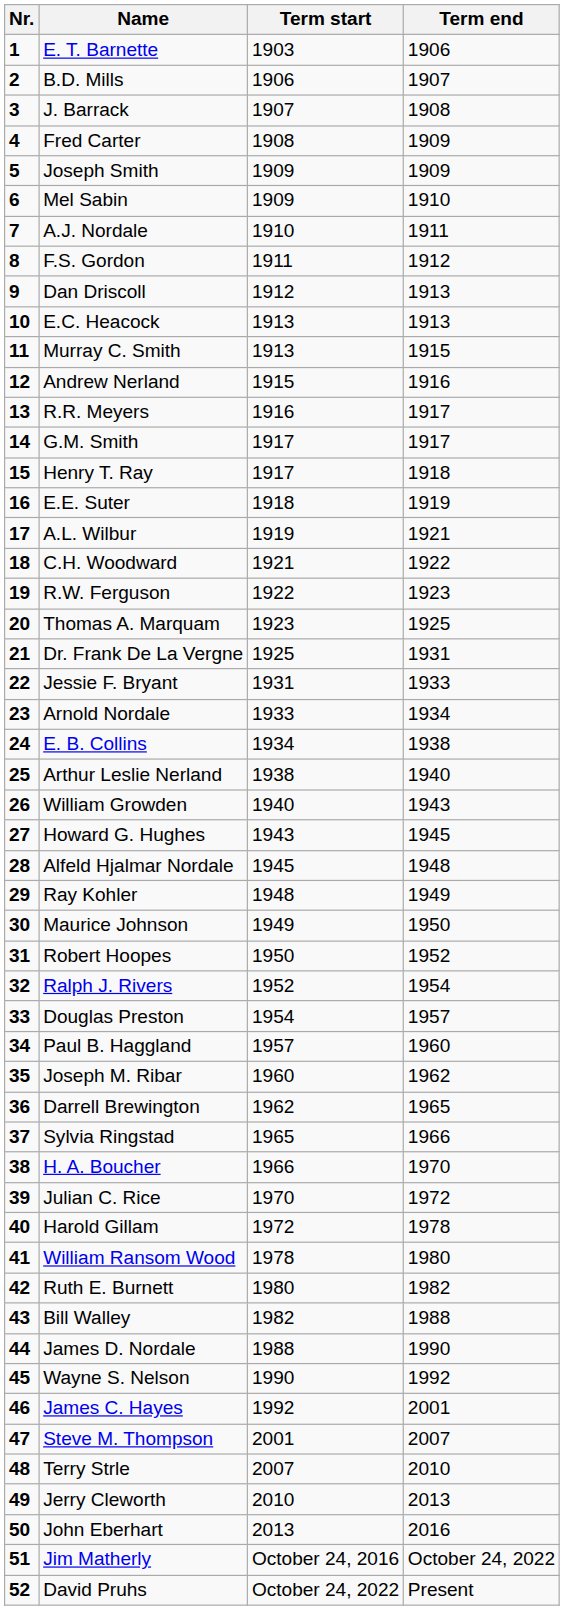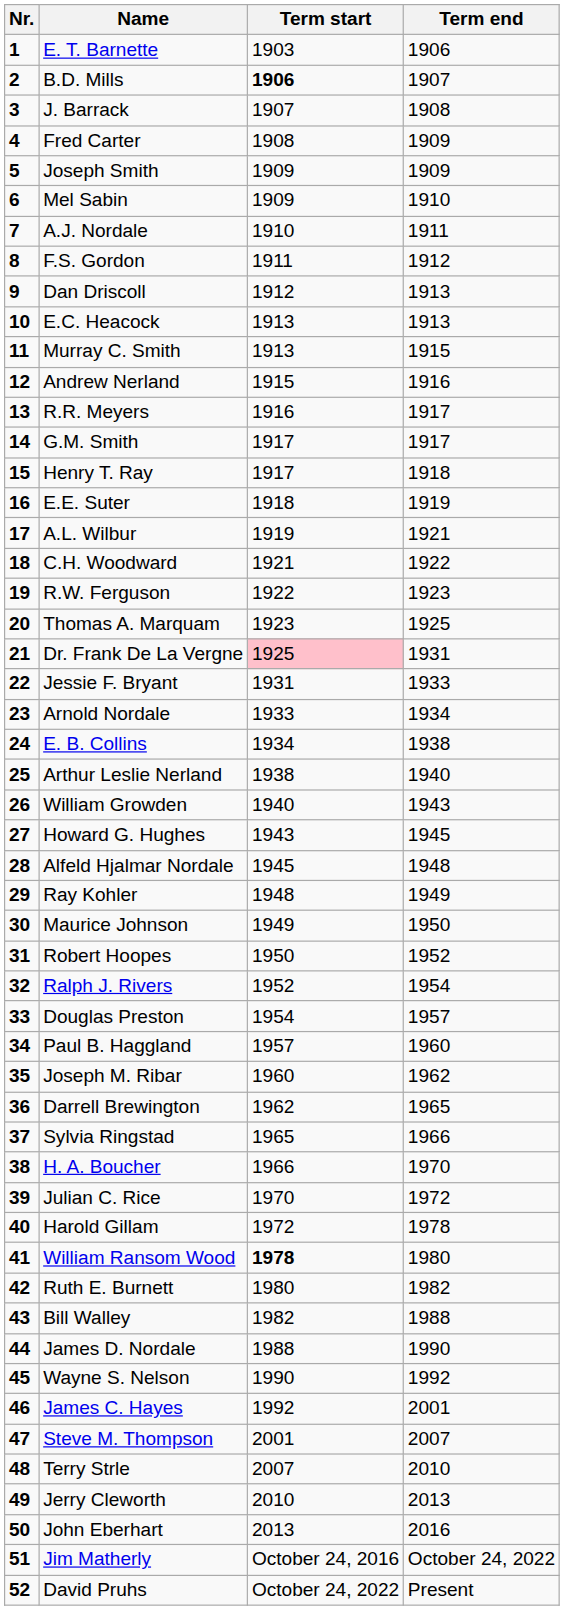 <table class="wikitable">
 <tr>
 <th>Nr.</th>
 <th>Name</th>
 <th>Term start</th>
 <th>Term end</th>
 </tr>
 <tr>
 <td><strong>1</strong></td>
 <td><a href='#'>E. T. Barnette</a></td>
 <td>1903</td>
 <td>1906</td>
 </tr>
 <tr>
 <td><strong>2</strong></td>
 <td>B.D. Mills</td>
-<td>1906</td>
+<td><strong>1906</strong></td>
 <td>1907</td>
 </tr>
 <tr>
 <td><strong>3</strong></td>
 <td>J. Barrack</td>
 <td>1907</td>
 <td>1908</td>
 </tr>
 <tr>
 <td><strong>4</strong></td>
 <td>Fred Carter</td>
 <td>1908</td>
 <td>1909</td>
 </tr>
 <tr>
 <td><strong>5</strong></td>
 <td>Joseph Smith</td>
 <td>1909</td>
 <td>1909</td>
 </tr>
 <tr>
 <td><strong>6</strong></td>
 <td>Mel Sabin</td>
 <td>1909</td>
 <td>1910</td>
 </tr>
 <tr>
 <td><strong>7</strong></td>
 <td>A.J. Nordale</td>
 <td>1910</td>
 <td>1911</td>
 </tr>
 <tr>
 <td><strong>8</strong></td>
 <td>F.S. Gordon</td>
 <td>1911</td>
 <td>1912</td>
 </tr>
 <tr>
 <td><strong>9</strong></td>
 <td>Dan Driscoll</td>
 <td>1912</td>
 <td>1913</td>
 </tr>
 <tr>
 <td><strong>10</strong></td>
 <td>E.C. Heacock</td>
 <td>1913</td>
 <td>1913</td>
 </tr>
 <tr>
 <td><strong>11</strong></td>
 <td>Murray C. Smith</td>
 <td>1913</td>
 <td>1915</td>
 </tr>
 <tr>
 <td><strong>12</strong></td>
 <td>Andrew Nerland</td>
 <td>1915</td>
 <td>1916</td>
 </tr>
 <tr>
 <td><strong>13</strong></td>
 <td>R.R. Meyers</td>
 <td>1916</td>
 <td>1917</td>
 </tr>
 <tr>
 <td><strong>14</strong></td>
 <td>G.M. Smith</td>
 <td>1917</td>
 <td>1917</td>
 </tr>
 <tr>
 <td><strong>15</strong></td>
 <td>Henry T. Ray</td>
 <td>1917</td>
 <td>1918</td>
 </tr>
 <tr>
 <td><strong>16</strong></td>
 <td>E.E. Suter</td>
 <td>1918</td>
 <td>1919</td>
 </tr>
 <tr>
 <td><strong>17</strong></td>
 <td>A.L. Wilbur</td>
 <td>1919</td>
 <td>1921</td>
 </tr>
 <tr>
 <td><strong>18</strong></td>
 <td>C.H. Woodward</td>
 <td>1921</td>
 <td>1922</td>
 </tr>
 <tr>
 <td><strong>19</strong></td>
 <td>R.W. Ferguson</td>
 <td>1922</td>
 <td>1923</td>
 </tr>
 <tr>
 <td><strong>20</strong></td>
 <td>Thomas A. Marquam</td>
 <td>1923</td>
 <td>1925</td>
 </tr>
 <tr>
 <td><strong>21</strong></td>
 <td>Dr. Frank De La Vergne</td>
-<td>1925</td>
+<td style="background: pink;">1925</td>
 <td>1931</td>
 </tr>
 <tr>
 <td><strong>22</strong></td>
 <td>Jessie F. Bryant</td>
 <td>1931</td>
 <td>1933</td>
 </tr>
 <tr>
 <td><strong>23</strong></td>
 <td>Arnold Nordale</td>
 <td>1933</td>
 <td>1934</td>
 </tr>
 <tr>
 <td><strong>24</strong></td>
 <td><a href='#'>E. B. Collins</a></td>
 <td>1934</td>
 <td>1938</td>
 </tr>
 <tr>
 <td><strong>25</strong></td>
 <td>Arthur Leslie Nerland</td>
 <td>1938</td>
 <td>1940</td>
 </tr>
 <tr>
 <td><strong>26</strong></td>
 <td>William Growden</td>
 <td>1940</td>
 <td>1943</td>
 </tr>
 <tr>
 <td><strong>27</strong></td>
 <td>Howard G. Hughes</td>
 <td>1943</td>
 <td>1945</td>
 </tr>
 <tr>
 <td><strong>28</strong></td>
 <td>Alfeld Hjalmar Nordale</td>
 <td>1945</td>
 <td>1948</td>
 </tr>
 <tr>
 <td><strong>29</strong></td>
 <td>Ray Kohler</td>
 <td>1948</td>
 <td>1949</td>
 </tr>
 <tr>
 <td><strong>30</strong></td>
 <td>Maurice Johnson</td>
 <td>1949</td>
 <td>1950</td>
 </tr>
 <tr>
 <td><strong>31</strong></td>
 <td>Robert Hoopes</td>
 <td>1950</td>
 <td>1952</td>
 </tr>
 <tr>
 <td><strong>32</strong></td>
 <td><a href='#'>Ralph J. Rivers</a></td>
 <td>1952</td>
 <td>1954</td>
 </tr>
 <tr>
 <td><strong>33</strong></td>
 <td>Douglas Preston</td>
 <td>1954</td>
 <td>1957</td>
 </tr>
 <tr>
 <td><strong>34</strong></td>
 <td>Paul B. Haggland</td>
 <td>1957</td>
 <td>1960</td>
 </tr>
 <tr>
 <td><strong>35</strong></td>
 <td>Joseph M. Ribar</td>
 <td>1960</td>
 <td>1962</td>
 </tr>
 <tr>
 <td><strong>36</strong></td>
 <td>Darrell Brewington</td>
 <td>1962</td>
 <td>1965</td>
 </tr>
 <tr>
 <td><strong>37</strong></td>
 <td>Sylvia Ringstad</td>
 <td>1965</td>
 <td>1966</td>
 </tr>
 <tr>
 <td><strong>38</strong></td>
 <td><a href='#'>H. A. Boucher</a></td>
 <td>1966</td>
 <td>1970</td>
 </tr>
 <tr>
 <td><strong>39</strong></td>
 <td>Julian C. Rice</td>
 <td>1970</td>
 <td>1972</td>
 </tr>
 <tr>
 <td><strong>40</strong></td>
 <td>Harold Gillam</td>
 <td>1972</td>
 <td>1978</td>
 </tr>
 <tr>
 <td><strong>41</strong></td>
 <td><a href='#'>William Ransom Wood</a></td>
-<td>1978</td>
+<td><strong>1978</strong></td>
 <td>1980</td>
 </tr>
 <tr>
 <td><strong>42</strong></td>
 <td>Ruth E. Burnett</td>
 <td>1980</td>
 <td>1982</td>
 </tr>
 <tr>
 <td><strong>43</strong></td>
 <td>Bill Walley</td>
 <td>1982</td>
 <td>1988</td>
 </tr>
 <tr>
 <td><strong>44</strong></td>
 <td>James D. Nordale</td>
 <td>1988</td>
 <td>1990</td>
 </tr>
 <tr>
 <td><strong>45</strong></td>
 <td>Wayne S. Nelson</td>
 <td>1990</td>
 <td>1992</td>
 </tr>
 <tr>
 <td><strong>46</strong></td>
 <td><a href='#'>James C. Hayes</a></td>
 <td>1992</td>
 <td>2001</td>
 </tr>
 <tr>
 <td><strong>47</strong></td>
 <td><a href='#'>Steve M. Thompson</a></td>
 <td>2001</td>
 <td>2007</td>
 </tr>
 <tr>
 <td><strong>48</strong></td>
 <td>Terry Strle</td>
 <td>2007</td>
 <td>2010</td>
 </tr>
 <tr>
 <td><strong>49</strong></td>
 <td>Jerry Cleworth</td>
 <td>2010</td>
 <td>2013</td>
 </tr>
 <tr>
 <td><strong>50</strong></td>
 <td>John Eberhart</td>
 <td>2013</td>
 <td>2016</td>
 </tr>
 <tr>
 <td><strong>51</strong></td>
 <td><a href='#'>Jim Matherly</a></td>
 <td>October 24, 2016</td>
 <td>October 24, 2022</td>
 </tr>
 <tr>
 <td><strong>52</strong></td>
 <td>David Pruhs</td>
 <td>October 24, 2022</td>
 <td>Present</td>
 </tr>
 </table>
